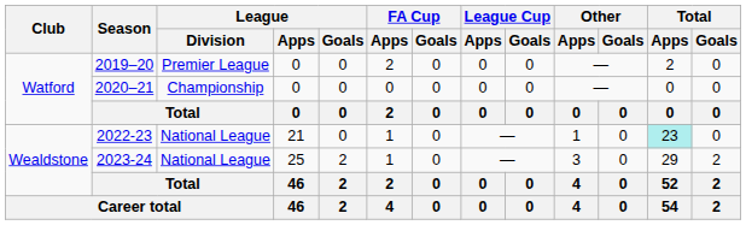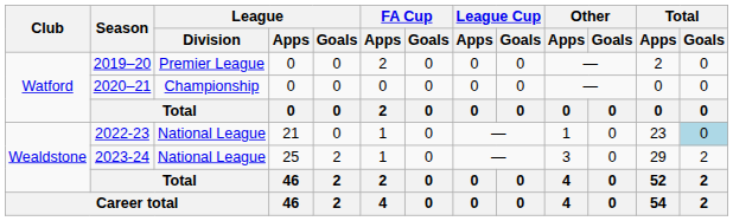 <table class="wikitable" style="text-align: center">
 <tr>
 <th rowspan="2">Club</th>
 <th rowspan="2">Season</th>
 <th colspan="3">League</th>
 <th colspan="2"><a href='#'>FA Cup</a></th>
 <th colspan="2"><a href='#'>League Cup</a></th>
 <th colspan="2">Other</th>
 <th colspan="2">Total</th>
 </tr>
 <tr>
 <th>Division</th>
 <th>Apps</th>
 <th>Goals</th>
 <th>Apps</th>
 <th>Goals</th>
 <th>Apps</th>
 <th>Goals</th>
 <th>Apps</th>
 <th>Goals</th>
 <th>Apps</th>
 <th>Goals</th>
 </tr>
 <tr>
 <td rowspan="3"><a href='#'>Watford</a></td>
 <td><a href='#'>2019–20</a></td>
 <td><a href='#'>Premier League</a></td>
 <td>0</td>
 <td>0</td>
 <td>2</td>
 <td>0</td>
 <td>0</td>
 <td>0</td>
 <td colspan="2">—</td>
 <td>2</td>
 <td>0</td>
 </tr>
 <tr>
 <td><a href='#'>2020–21</a></td>
 <td><a href='#'>Championship</a></td>
 <td>0</td>
 <td>0</td>
 <td>0</td>
 <td>0</td>
 <td>0</td>
 <td>0</td>
 <td colspan="2">—</td>
 <td>0</td>
 <td>0</td>
 </tr>
 <tr>
 <th colspan="2">Total</th>
 <th>0</th>
 <th>0</th>
 <th>2</th>
 <th>0</th>
 <th>0</th>
 <th>0</th>
 <th>0</th>
 <th>0</th>
 <th>0</th>
 <th>0</th>
 </tr>
 <tr>
 <td rowspan="3"><a href='#'>Wealdstone</a></td>
 <td><a href='#'>2022-23</a></td>
 <td><a href='#'>National League</a></td>
 <td>21</td>
 <td>0</td>
 <td>1</td>
 <td>0</td>
 <td colspan="2">—</td>
 <td>1</td>
 <td>0</td>
-<td style="background: paleturquoise;">23</td>
-<td>0</td>
+<td>23</td>
+<td style="background: lightblue;">0</td>
 </tr>
 <tr>
 <td><a href='#'>2023-24</a></td>
 <td><a href='#'>National League</a></td>
 <td>25</td>
 <td>2</td>
 <td>1</td>
 <td>0</td>
 <td colspan="2">—</td>
 <td>3</td>
 <td>0</td>
 <td>29</td>
 <td>2</td>
 </tr>
 <tr>
 <th colspan="2">Total</th>
 <th>46</th>
 <th>2</th>
 <th>2</th>
 <th>0</th>
 <th>0</th>
 <th>0</th>
 <th>4</th>
 <th>0</th>
 <th>52</th>
 <th>2</th>
 </tr>
 <tr>
 <th colspan="3">Career total</th>
 <th>46</th>
 <th>2</th>
 <th>4</th>
 <th>0</th>
 <th>0</th>
 <th>0</th>
 <th>4</th>
 <th>0</th>
 <th>54</th>
 <th>2</th>
 </tr>
 </table>
